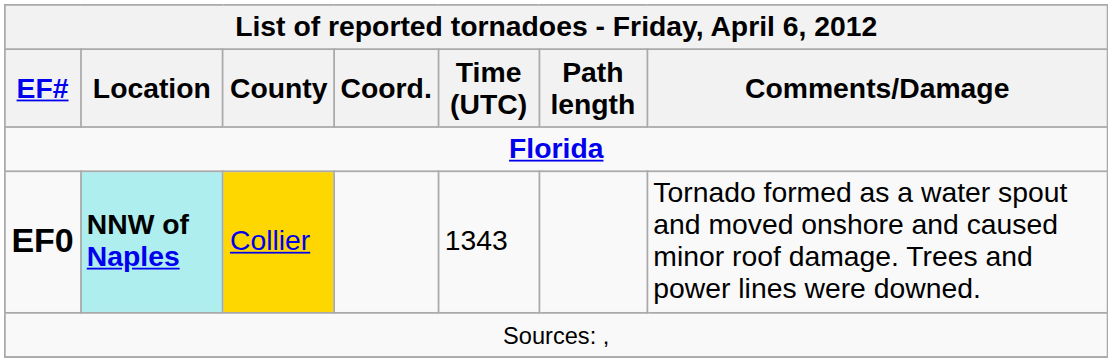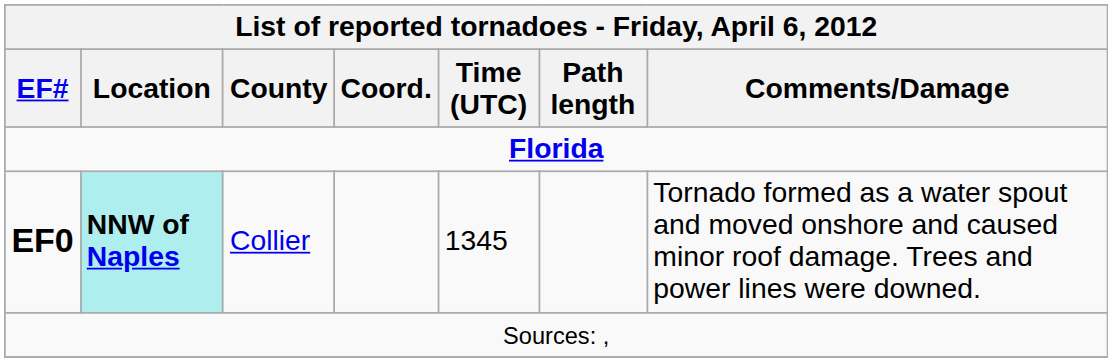 <table class="wikitable collapsible" width="100%">
 <tr>
 <th colspan="7">List of reported tornadoes - Friday, April 6, 2012</th>
 </tr>
 <tr>
 <th><a href='#'>EF#</a></th>
 <th>Location</th>
 <th>County</th>
 <th>Coord.</th>
 <th>Time (UTC)</th>
 <th>Path length</th>
 <th>Comments/Damage</th>
 </tr>
 <tr>
 <td colspan="7" align=center><strong><a href='#'>Florida</a></strong></td>
 </tr>
 <tr>
 <td><big><strong>EF0</strong></big></td>
 <td style="background: paleturquoise;"><strong>NNW of <a href='#'>Naples</a></strong></td>
-<td style="background: gold;"><a href='#'>Collier</a></td>
+<td><a href='#'>Collier</a></td>
 <td></td>
-<td>1343</td>
+<td>1345</td>
 <td></td>
 <td>Tornado formed as a water spout and moved onshore and caused minor roof damage. Trees and power lines were downed.</td>
 </tr>
 <tr>
 <td colspan="7" align=center><small>Sources: , </small></td>
 </tr>
 <tr>
 </tr>
 </table>
